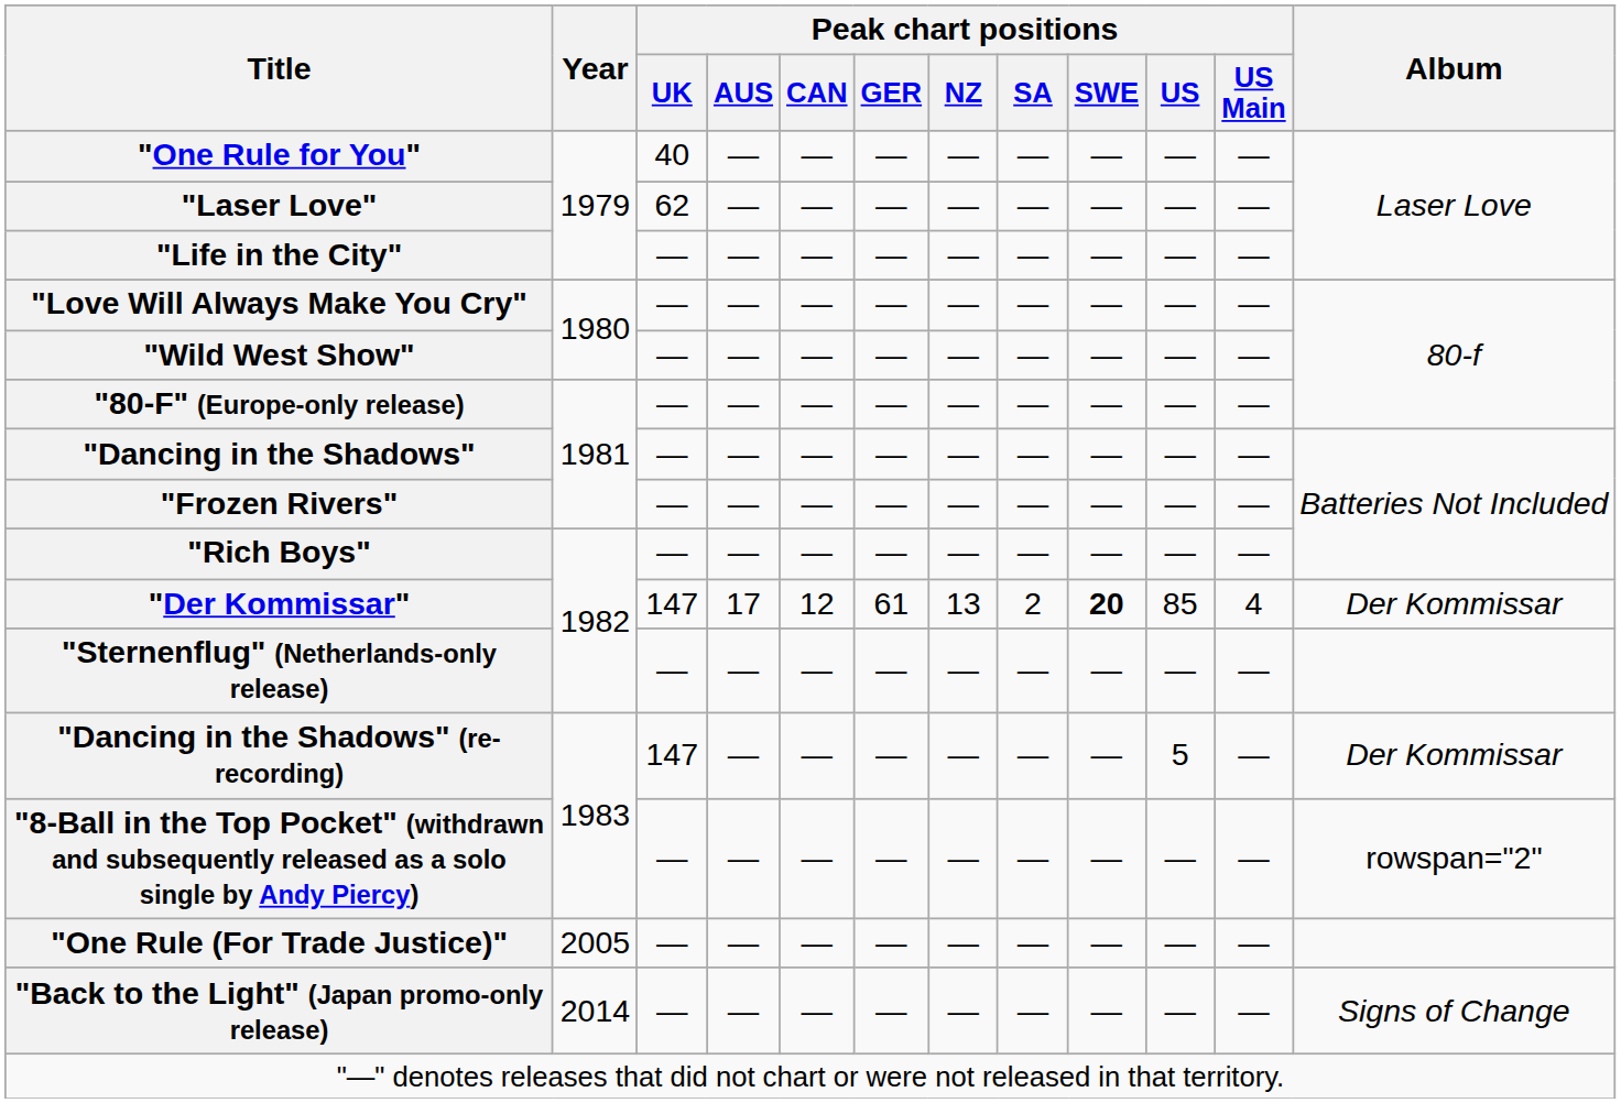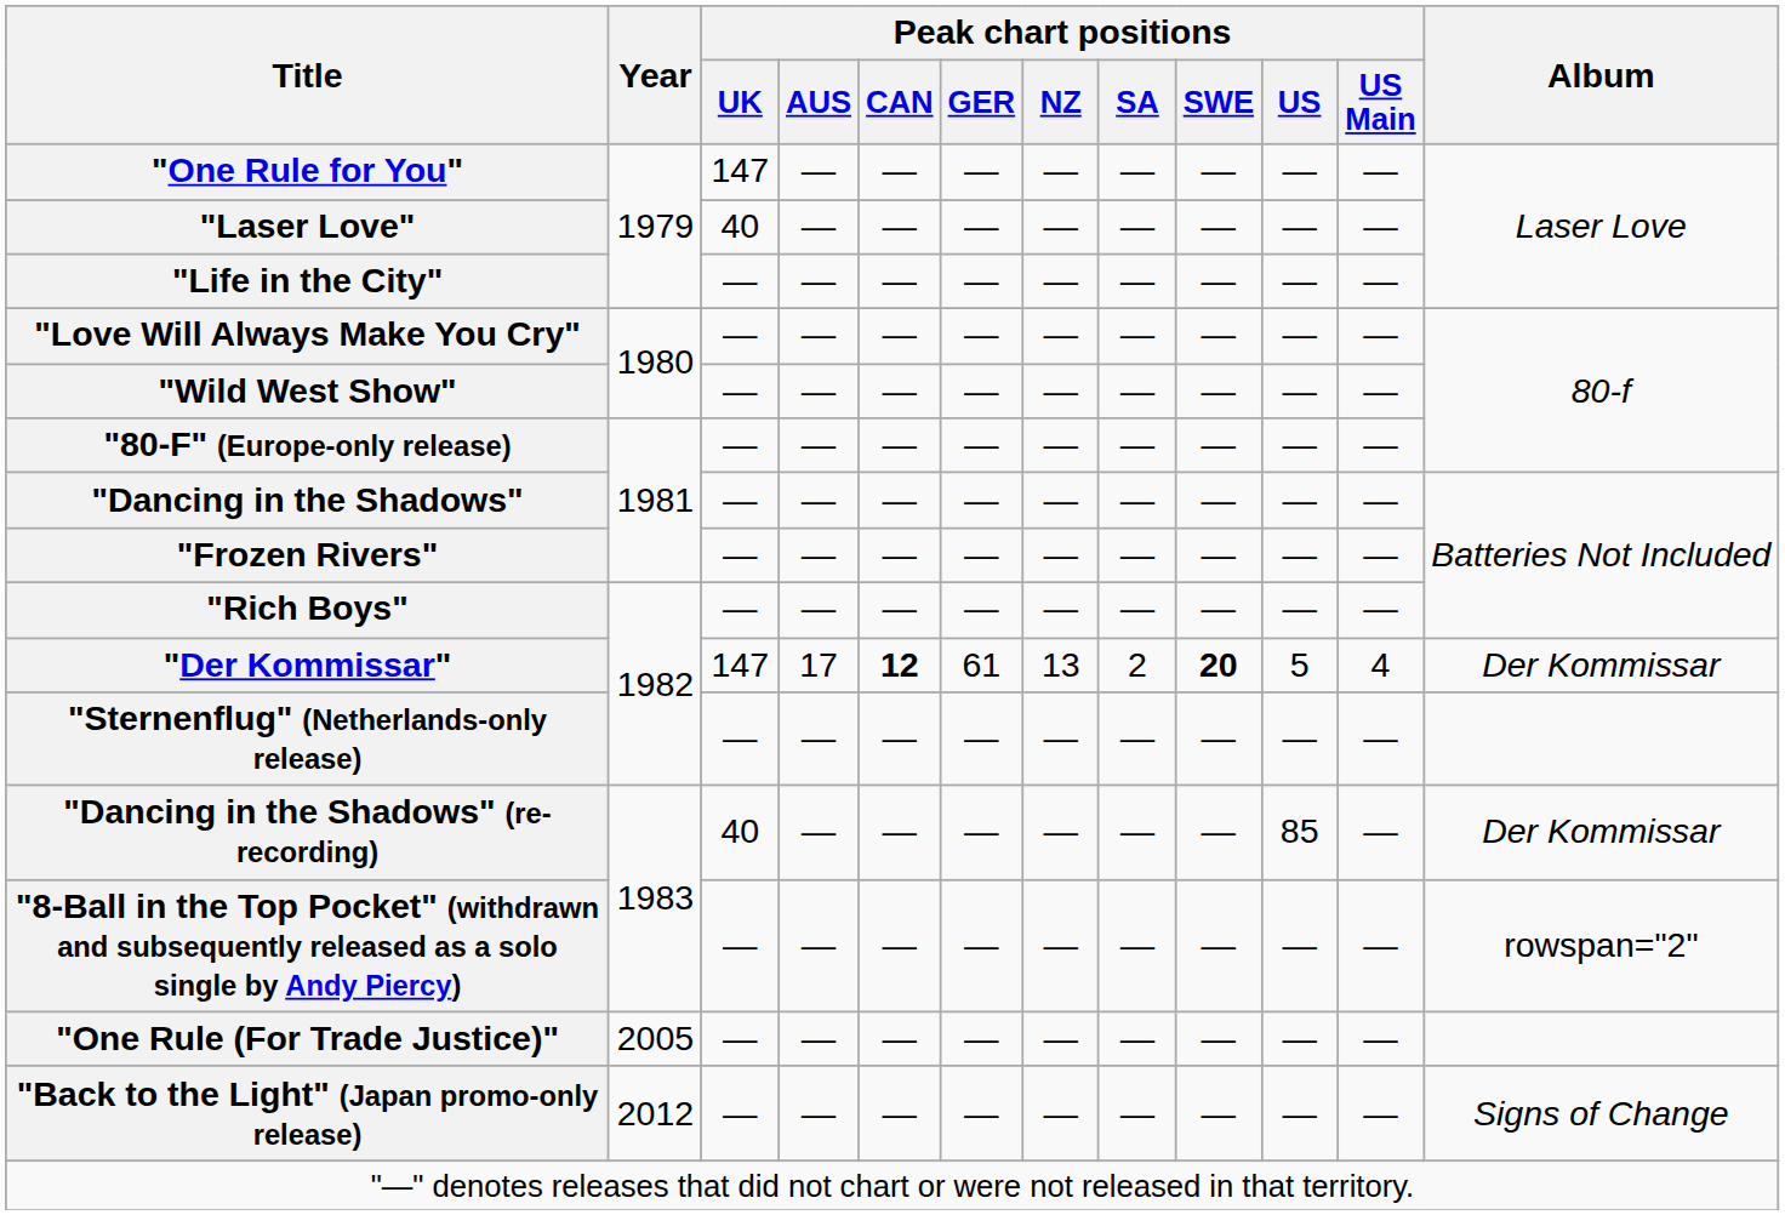 <table class="wikitable plainrowheaders" style="text-align:center;">
 <tr>
 <th rowspan="2" scope="col" style="width:17em;">Title</th>
 <th rowspan="2" scope="col" style="width:2em;">Year</th>
 <th colspan="9">Peak chart positions</th>
 <th rowspan="2">Album</th>
 </tr>
 <tr>
 <th scope="col" style="width:2em;font-size:90%;"><a href='#'>UK</a><br></th>
 <th scope="col" style="width:2em;font-size:90%;"><a href='#'>AUS</a><br></th>
 <th scope="col" style="width:2em;font-size:90%;"><a href='#'>CAN</a><br></th>
 <th scope="col" style="width:2em;font-size:90%;"><a href='#'>GER</a><br></th>
 <th scope="col" style="width:2em;font-size:90%;"><a href='#'>NZ</a><br></th>
 <th scope="col" style="width:2em;font-size:90%;"><a href='#'>SA</a><br></th>
 <th scope="col" style="width:2em;font-size:90%;"><a href='#'>SWE</a><br></th>
 <th scope="col" style="width:2em;font-size:90%;"><a href='#'>US</a><br></th>
 <th scope="col" style="width:2em;font-size:90%;"><a href='#'>US Main</a><br></th>
 </tr>
 <tr>
 <th scope="row">"<a href='#'>One Rule for You</a>"</th>
 <td rowspan="3">1979</td>
-<td>40</td>
+<td>147</td>
 <td>—</td>
 <td>—</td>
 <td>—</td>
 <td>—</td>
 <td>—</td>
 <td>—</td>
 <td>—</td>
 <td>—</td>
 <td rowspan="3"><em>Laser Love</em></td>
 </tr>
 <tr>
 <th scope="row">"Laser Love"</th>
-<td>62</td>
+<td>40</td>
 <td>—</td>
 <td>—</td>
 <td>—</td>
 <td>—</td>
 <td>—</td>
 <td>—</td>
 <td>—</td>
 <td>—</td>
 </tr>
 <tr>
 <th scope="row">"Life in the City"</th>
 <td>—</td>
 <td>—</td>
 <td>—</td>
 <td>—</td>
 <td>—</td>
 <td>—</td>
 <td>—</td>
 <td>—</td>
 <td>—</td>
 </tr>
 <tr>
 <th scope="row">"Love Will Always Make You Cry"</th>
 <td rowspan="2">1980</td>
 <td>—</td>
 <td>—</td>
 <td>—</td>
 <td>—</td>
 <td>—</td>
 <td>—</td>
 <td>—</td>
 <td>—</td>
 <td>—</td>
 <td rowspan="3"><em>80-f</em></td>
 </tr>
 <tr>
 <th scope="row">"Wild West Show"</th>
 <td>—</td>
 <td>—</td>
 <td>—</td>
 <td>—</td>
 <td>—</td>
 <td>—</td>
 <td>—</td>
 <td>—</td>
 <td>—</td>
 </tr>
 <tr>
 <th scope="row">"80-F" <small>(Europe-only release)</small></th>
 <td rowspan="3">1981</td>
 <td>—</td>
 <td>—</td>
 <td>—</td>
 <td>—</td>
 <td>—</td>
 <td>—</td>
 <td>—</td>
 <td>—</td>
 <td>—</td>
 </tr>
 <tr>
 <th scope="row">"Dancing in the Shadows"</th>
 <td>—</td>
 <td>—</td>
 <td>—</td>
 <td>—</td>
 <td>—</td>
 <td>—</td>
 <td>—</td>
 <td>—</td>
 <td>—</td>
 <td rowspan="3"><em>Batteries Not Included</em></td>
 </tr>
 <tr>
 <th scope="row">"Frozen Rivers"</th>
 <td>—</td>
 <td>—</td>
 <td>—</td>
 <td>—</td>
 <td>—</td>
 <td>—</td>
 <td>—</td>
 <td>—</td>
 <td>—</td>
 </tr>
 <tr>
 <th scope="row">"Rich Boys"</th>
 <td rowspan="3">1982</td>
 <td>—</td>
 <td>—</td>
 <td>—</td>
 <td>—</td>
 <td>—</td>
 <td>—</td>
 <td>—</td>
 <td>—</td>
 <td>—</td>
 </tr>
 <tr>
 <th scope="row">"<a href='#'>Der Kommissar</a>"</th>
 <td>147</td>
 <td>17</td>
-<td>12</td>
+<td><strong>12</strong></td>
 <td>61</td>
 <td>13</td>
 <td>2</td>
 <td><strong>20</strong></td>
-<td>85</td>
+<td>5</td>
 <td>4</td>
 <td><em>Der Kommissar</em></td>
 </tr>
 <tr>
 <th scope="row">"Sternenflug" <small>(Netherlands-only release)</small></th>
 <td>—</td>
 <td>—</td>
 <td>—</td>
 <td>—</td>
 <td>—</td>
 <td>—</td>
 <td>—</td>
 <td>—</td>
 <td>—</td>
 <td></td>
 </tr>
 <tr>
 <th scope="row">"Dancing in the Shadows" <small>(re-recording)</small></th>
 <td rowspan="2">1983</td>
-<td>147</td>
+<td>40</td>
 <td>—</td>
 <td>—</td>
 <td>—</td>
 <td>—</td>
 <td>—</td>
 <td>—</td>
-<td>5</td>
+<td>85</td>
 <td>—</td>
 <td><em>Der Kommissar</em></td>
 </tr>
 <tr>
 <th scope="row">"8-Ball in the Top Pocket" <small>(withdrawn and subsequently released as a solo single by <a href='#'>Andy Piercy</a>)</small></th>
 <td>—</td>
 <td>—</td>
 <td>—</td>
 <td>—</td>
 <td>—</td>
 <td>—</td>
 <td>—</td>
 <td>—</td>
 <td>—</td>
 <td>rowspan="2" </td>
 </tr>
 <tr>
 <th scope="row">"One Rule (For Trade Justice)"</th>
 <td>2005</td>
 <td>—</td>
 <td>—</td>
 <td>—</td>
 <td>—</td>
 <td>—</td>
 <td>—</td>
 <td>—</td>
 <td>—</td>
 <td>—</td>
 </tr>
 <tr>
 <th scope="row">"Back to the Light" <small>(Japan promo-only release)</small></th>
-<td>2014</td>
+<td>2012</td>
 <td>—</td>
 <td>—</td>
 <td>—</td>
 <td>—</td>
 <td>—</td>
 <td>—</td>
 <td>—</td>
 <td>—</td>
 <td>—</td>
 <td><em>Signs of Change</em></td>
 </tr>
 <tr>
 <td colspan="12" style="font-size:90%">"—" denotes releases that did not chart or were not released in that territory.</td>
 </tr>
 </table>
